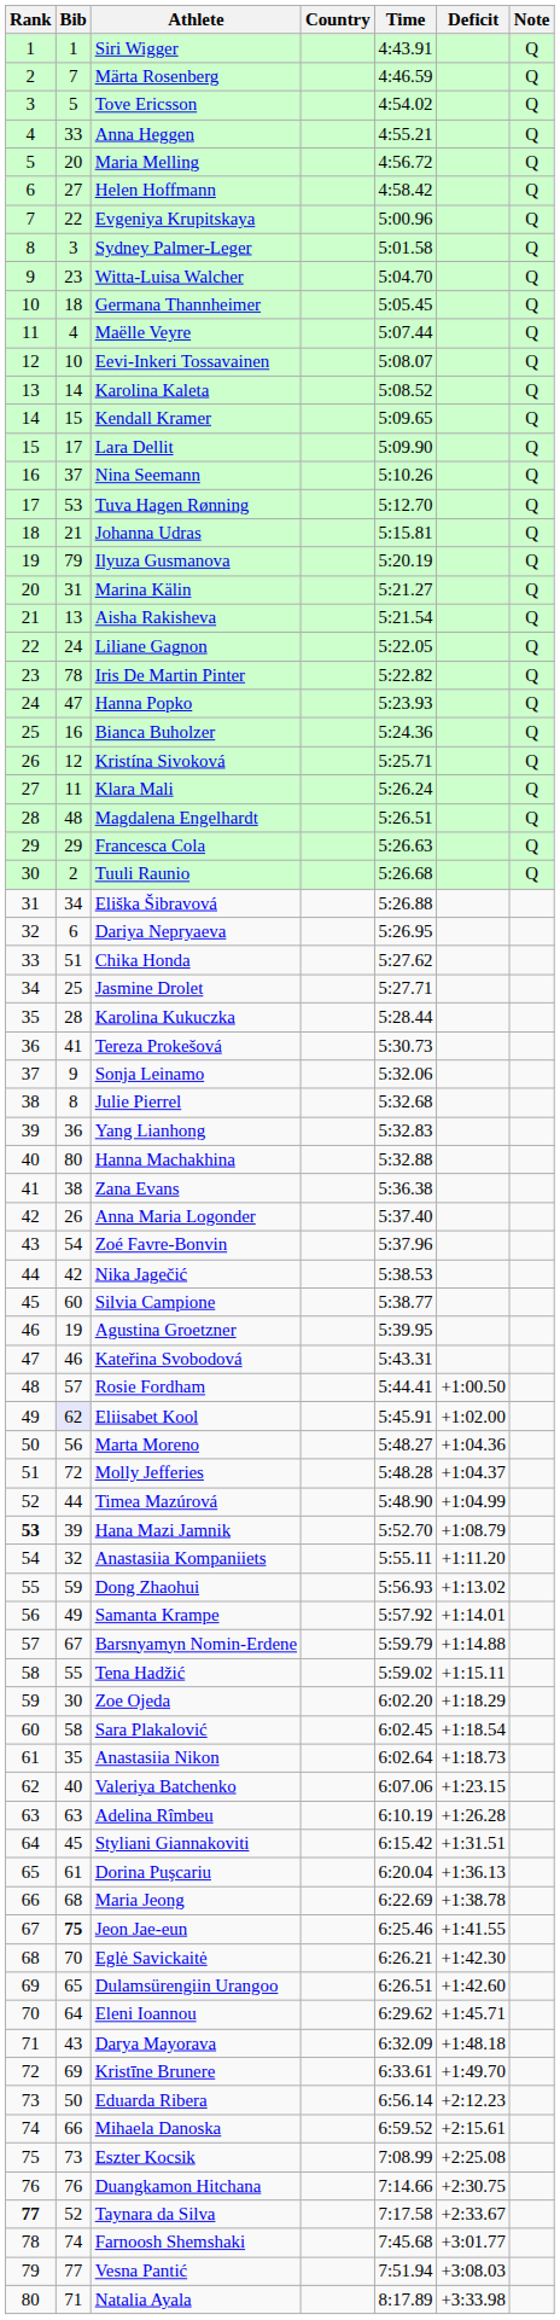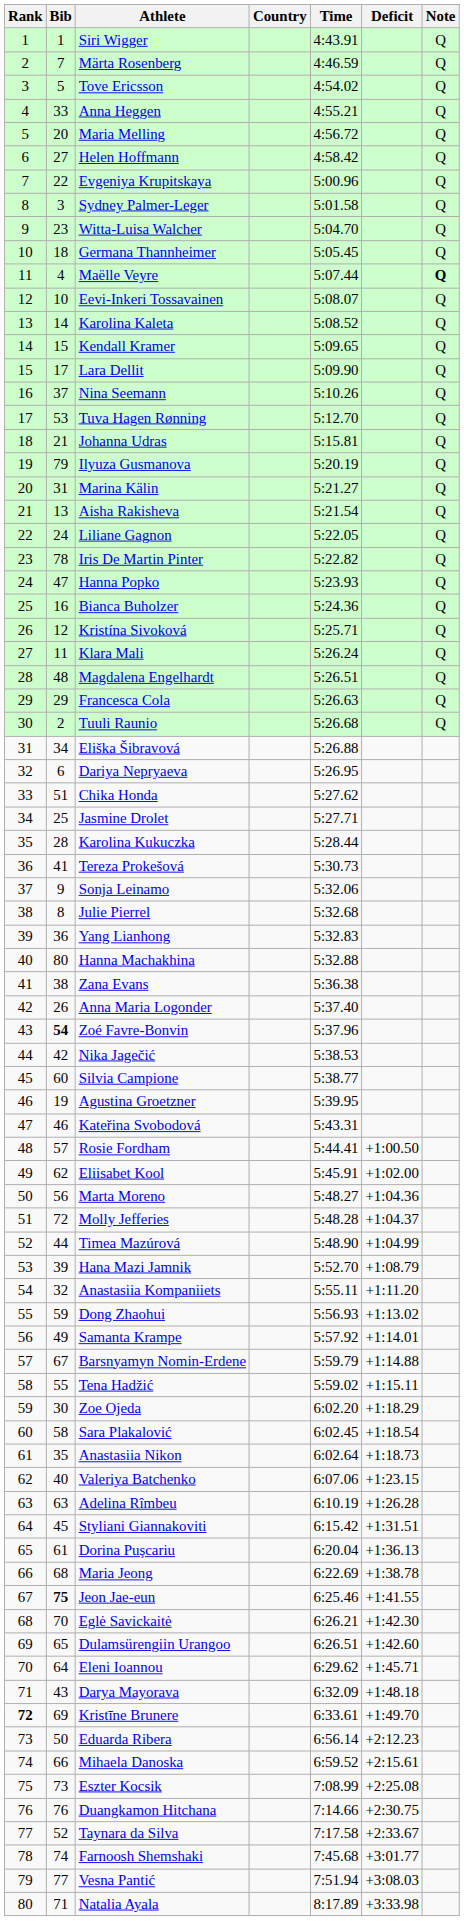 <table class="wikitable sortable" style="text-align:center">
 <tr>
 <th>Rank</th>
 <th>Bib</th>
 <th>Athlete</th>
 <th>Country</th>
 <th>Time</th>
 <th>Deficit</th>
 <th>Note</th>
 </tr>
 <tr bgcolor=ccffcc>
 <td>1</td>
 <td>1</td>
 <td align=left><a href='#'>Siri Wigger</a></td>
 <td align=left></td>
 <td>4:43.91</td>
 <td></td>
 <td>Q</td>
 </tr>
 <tr bgcolor=ccffcc>
 <td>2</td>
 <td>7</td>
 <td align=left><a href='#'>Märta Rosenberg</a></td>
 <td align=left></td>
 <td>4:46.59</td>
 <td></td>
 <td>Q</td>
 </tr>
 <tr bgcolor=ccffcc>
 <td>3</td>
 <td>5</td>
 <td align=left><a href='#'>Tove Ericsson</a></td>
 <td align=left></td>
 <td>4:54.02</td>
 <td></td>
 <td>Q</td>
 </tr>
 <tr bgcolor=ccffcc>
 <td>4</td>
 <td>33</td>
 <td align=left><a href='#'>Anna Heggen</a></td>
 <td align=left></td>
 <td>4:55.21</td>
 <td></td>
 <td>Q</td>
 </tr>
 <tr bgcolor=ccffcc>
 <td>5</td>
 <td>20</td>
 <td align=left><a href='#'>Maria Melling</a></td>
 <td align=left></td>
 <td>4:56.72</td>
 <td></td>
 <td>Q</td>
 </tr>
 <tr bgcolor=ccffcc>
 <td>6</td>
 <td>27</td>
 <td align=left><a href='#'>Helen Hoffmann</a></td>
 <td align=left></td>
 <td>4:58.42</td>
 <td></td>
 <td>Q</td>
 </tr>
 <tr bgcolor=ccffcc>
 <td>7</td>
 <td>22</td>
 <td align=left><a href='#'>Evgeniya Krupitskaya</a></td>
 <td align=left></td>
 <td>5:00.96</td>
 <td></td>
 <td>Q</td>
 </tr>
 <tr bgcolor=ccffcc>
 <td>8</td>
 <td>3</td>
 <td align=left><a href='#'>Sydney Palmer-Leger</a></td>
 <td align=left></td>
 <td>5:01.58</td>
 <td></td>
 <td>Q</td>
 </tr>
 <tr bgcolor=ccffcc>
 <td>9</td>
 <td>23</td>
 <td align=left><a href='#'>Witta-Luisa Walcher</a></td>
 <td align=left></td>
 <td>5:04.70</td>
 <td></td>
 <td>Q</td>
 </tr>
 <tr bgcolor=ccffcc>
 <td>10</td>
 <td>18</td>
 <td align=left><a href='#'>Germana Thannheimer</a></td>
 <td align=left></td>
 <td>5:05.45</td>
 <td></td>
 <td>Q</td>
 </tr>
 <tr bgcolor=ccffcc>
 <td>11</td>
 <td>4</td>
 <td align=left><a href='#'>Maëlle Veyre</a></td>
 <td align=left></td>
 <td>5:07.44</td>
 <td></td>
-<td>Q</td>
+<td><strong>Q</strong></td>
 </tr>
 <tr bgcolor=ccffcc>
 <td>12</td>
 <td>10</td>
 <td align=left><a href='#'>Eevi-Inkeri Tossavainen</a></td>
 <td align=left></td>
 <td>5:08.07</td>
 <td></td>
 <td>Q</td>
 </tr>
 <tr bgcolor=ccffcc>
 <td>13</td>
 <td>14</td>
 <td align=left><a href='#'>Karolina Kaleta</a></td>
 <td align=left></td>
 <td>5:08.52</td>
 <td></td>
 <td>Q</td>
 </tr>
 <tr bgcolor=ccffcc>
 <td>14</td>
 <td>15</td>
 <td align=left><a href='#'>Kendall Kramer</a></td>
 <td align=left></td>
 <td>5:09.65</td>
 <td></td>
 <td>Q</td>
 </tr>
 <tr bgcolor=ccffcc>
 <td>15</td>
 <td>17</td>
 <td align=left><a href='#'>Lara Dellit</a></td>
 <td align=left></td>
 <td>5:09.90</td>
 <td></td>
 <td>Q</td>
 </tr>
 <tr bgcolor=ccffcc>
 <td>16</td>
 <td>37</td>
 <td align=left><a href='#'>Nina Seemann</a></td>
 <td align=left></td>
 <td>5:10.26</td>
 <td></td>
 <td>Q</td>
 </tr>
 <tr bgcolor=ccffcc>
 <td>17</td>
 <td>53</td>
 <td align=left><a href='#'>Tuva Hagen Rønning</a></td>
 <td align=left></td>
 <td>5:12.70</td>
 <td></td>
 <td>Q</td>
 </tr>
 <tr bgcolor=ccffcc>
 <td>18</td>
 <td>21</td>
 <td align=left><a href='#'>Johanna Udras</a></td>
 <td align=left></td>
 <td>5:15.81</td>
 <td></td>
 <td>Q</td>
 </tr>
 <tr bgcolor=ccffcc>
 <td>19</td>
 <td>79</td>
 <td align=left><a href='#'>Ilyuza Gusmanova</a></td>
 <td align=left></td>
 <td>5:20.19</td>
 <td></td>
 <td>Q</td>
 </tr>
 <tr bgcolor=ccffcc>
 <td>20</td>
 <td>31</td>
 <td align=left><a href='#'>Marina Kälin</a></td>
 <td align=left></td>
 <td>5:21.27</td>
 <td></td>
 <td>Q</td>
 </tr>
 <tr bgcolor=ccffcc>
 <td>21</td>
 <td>13</td>
 <td align=left><a href='#'>Aisha Rakisheva</a></td>
 <td align=left></td>
 <td>5:21.54</td>
 <td></td>
 <td>Q</td>
 </tr>
 <tr bgcolor=ccffcc>
 <td>22</td>
 <td>24</td>
 <td align=left><a href='#'>Liliane Gagnon</a></td>
 <td align=left></td>
 <td>5:22.05</td>
 <td></td>
 <td>Q</td>
 </tr>
 <tr bgcolor=ccffcc>
 <td>23</td>
 <td>78</td>
 <td align=left><a href='#'>Iris De Martin Pinter</a></td>
 <td align=left></td>
 <td>5:22.82</td>
 <td></td>
 <td>Q</td>
 </tr>
 <tr bgcolor=ccffcc>
 <td>24</td>
 <td>47</td>
 <td align=left><a href='#'>Hanna Popko</a></td>
 <td align=left></td>
 <td>5:23.93</td>
 <td></td>
 <td>Q</td>
 </tr>
 <tr bgcolor=ccffcc>
 <td>25</td>
 <td>16</td>
 <td align=left><a href='#'>Bianca Buholzer</a></td>
 <td align=left></td>
 <td>5:24.36</td>
 <td></td>
 <td>Q</td>
 </tr>
 <tr bgcolor=ccffcc>
 <td>26</td>
 <td>12</td>
 <td align=left><a href='#'>Kristína Sivoková</a></td>
 <td align=left></td>
 <td>5:25.71</td>
 <td></td>
 <td>Q</td>
 </tr>
 <tr bgcolor=ccffcc>
 <td>27</td>
 <td>11</td>
 <td align=left><a href='#'>Klara Mali</a></td>
 <td align=left></td>
 <td>5:26.24</td>
 <td></td>
 <td>Q</td>
 </tr>
 <tr bgcolor=ccffcc>
 <td>28</td>
 <td>48</td>
 <td align=left><a href='#'>Magdalena Engelhardt</a></td>
 <td align=left></td>
 <td>5:26.51</td>
 <td></td>
 <td>Q</td>
 </tr>
 <tr bgcolor=ccffcc>
 <td>29</td>
 <td>29</td>
 <td align=left><a href='#'>Francesca Cola</a></td>
 <td align=left></td>
 <td>5:26.63</td>
 <td></td>
 <td>Q</td>
 </tr>
 <tr bgcolor=ccffcc>
 <td>30</td>
 <td>2</td>
 <td align=left><a href='#'>Tuuli Raunio</a></td>
 <td align=left></td>
 <td>5:26.68</td>
 <td></td>
 <td>Q</td>
 </tr>
 <tr>
 <td>31</td>
 <td>34</td>
 <td align=left><a href='#'>Eliška Šibravová</a></td>
 <td align=left></td>
 <td>5:26.88</td>
 <td></td>
 <td></td>
 </tr>
 <tr>
 <td>32</td>
 <td>6</td>
 <td align=left><a href='#'>Dariya Nepryaeva</a></td>
 <td align=left></td>
 <td>5:26.95</td>
 <td></td>
 <td></td>
 </tr>
 <tr>
 <td>33</td>
 <td>51</td>
 <td align=left><a href='#'>Chika Honda</a></td>
 <td align=left></td>
 <td>5:27.62</td>
 <td></td>
 <td></td>
 </tr>
 <tr>
 <td>34</td>
 <td>25</td>
 <td align=left><a href='#'>Jasmine Drolet</a></td>
 <td align=left></td>
 <td>5:27.71</td>
 <td></td>
 <td></td>
 </tr>
 <tr>
 <td>35</td>
 <td>28</td>
 <td align=left><a href='#'>Karolina Kukuczka</a></td>
 <td align=left></td>
 <td>5:28.44</td>
 <td></td>
 <td></td>
 </tr>
 <tr>
 <td>36</td>
 <td>41</td>
 <td align=left><a href='#'>Tereza Prokešová</a></td>
 <td align=left></td>
 <td>5:30.73</td>
 <td></td>
 <td></td>
 </tr>
 <tr>
 <td>37</td>
 <td>9</td>
 <td align=left><a href='#'>Sonja Leinamo</a></td>
 <td align=left></td>
 <td>5:32.06</td>
 <td></td>
 <td></td>
 </tr>
 <tr>
 <td>38</td>
 <td>8</td>
 <td align=left><a href='#'>Julie Pierrel</a></td>
 <td align=left></td>
 <td>5:32.68</td>
 <td></td>
 <td></td>
 </tr>
 <tr>
 <td>39</td>
 <td>36</td>
 <td align=left><a href='#'>Yang Lianhong</a></td>
 <td align=left></td>
 <td>5:32.83</td>
 <td></td>
 <td></td>
 </tr>
 <tr>
 <td>40</td>
 <td>80</td>
 <td align=left><a href='#'>Hanna Machakhina</a></td>
 <td align=left></td>
 <td>5:32.88</td>
 <td></td>
 <td></td>
 </tr>
 <tr>
 <td>41</td>
 <td>38</td>
 <td align=left><a href='#'>Zana Evans</a></td>
 <td align=left></td>
 <td>5:36.38</td>
 <td></td>
 <td></td>
 </tr>
 <tr>
 <td>42</td>
 <td>26</td>
 <td align=left><a href='#'>Anna Maria Logonder</a></td>
 <td align=left></td>
 <td>5:37.40</td>
 <td></td>
 <td></td>
 </tr>
 <tr>
 <td>43</td>
-<td>54</td>
+<td><strong>54</strong></td>
 <td align=left><a href='#'>Zoé Favre-Bonvin</a></td>
 <td align=left></td>
 <td>5:37.96</td>
 <td></td>
 <td></td>
 </tr>
 <tr>
 <td>44</td>
 <td>42</td>
 <td align=left><a href='#'>Nika Jagečić</a></td>
 <td align=left></td>
 <td>5:38.53</td>
 <td></td>
 <td></td>
 </tr>
 <tr>
 <td>45</td>
 <td>60</td>
 <td align=left><a href='#'>Silvia Campione</a></td>
 <td align=left></td>
 <td>5:38.77</td>
 <td></td>
 <td></td>
 </tr>
 <tr>
 <td>46</td>
 <td>19</td>
 <td align=left><a href='#'>Agustina Groetzner</a></td>
 <td align=left></td>
 <td>5:39.95</td>
 <td></td>
 <td></td>
 </tr>
 <tr>
 <td>47</td>
 <td>46</td>
 <td align=left><a href='#'>Kateřina Svobodová</a></td>
 <td align=left></td>
 <td>5:43.31</td>
 <td></td>
 <td></td>
 </tr>
 <tr>
 <td>48</td>
 <td>57</td>
 <td align=left><a href='#'>Rosie Fordham</a></td>
 <td align=left></td>
 <td>5:44.41</td>
 <td>+1:00.50</td>
 <td></td>
 </tr>
 <tr>
 <td>49</td>
-<td style="background: lavender;">62</td>
+<td>62</td>
 <td align=left><a href='#'>Eliisabet Kool</a></td>
 <td align=left></td>
 <td>5:45.91</td>
 <td>+1:02.00</td>
 <td></td>
 </tr>
 <tr>
 <td>50</td>
 <td>56</td>
 <td align=left><a href='#'>Marta Moreno</a></td>
 <td align=left></td>
 <td>5:48.27</td>
 <td>+1:04.36</td>
 <td></td>
 </tr>
 <tr>
 <td>51</td>
 <td>72</td>
 <td align=left><a href='#'>Molly Jefferies</a></td>
 <td align=left></td>
 <td>5:48.28</td>
 <td>+1:04.37</td>
 <td></td>
 </tr>
 <tr>
 <td>52</td>
 <td>44</td>
 <td align=left><a href='#'>Timea Mazúrová</a></td>
 <td align=left></td>
 <td>5:48.90</td>
 <td>+1:04.99</td>
 <td></td>
 </tr>
 <tr>
-<td><strong>53</strong></td>
+<td>53</td>
 <td>39</td>
 <td align=left><a href='#'>Hana Mazi Jamnik</a></td>
 <td align=left></td>
 <td>5:52.70</td>
 <td>+1:08.79</td>
 <td></td>
 </tr>
 <tr>
 <td>54</td>
 <td>32</td>
 <td align=left><a href='#'>Anastasiia Kompaniiets</a></td>
 <td align=left></td>
 <td>5:55.11</td>
 <td>+1:11.20</td>
 <td></td>
 </tr>
 <tr>
 <td>55</td>
 <td>59</td>
 <td align=left><a href='#'>Dong Zhaohui</a></td>
 <td align=left></td>
 <td>5:56.93</td>
 <td>+1:13.02</td>
 <td></td>
 </tr>
 <tr>
 <td>56</td>
 <td>49</td>
 <td align=left><a href='#'>Samanta Krampe</a></td>
 <td align=left></td>
 <td>5:57.92</td>
 <td>+1:14.01</td>
 <td></td>
 </tr>
 <tr>
 <td>57</td>
 <td>67</td>
 <td align=left><a href='#'>Barsnyamyn Nomin-Erdene</a></td>
 <td align=left></td>
 <td>5:59.79</td>
 <td>+1:14.88</td>
 <td></td>
 </tr>
 <tr>
 <td>58</td>
 <td>55</td>
 <td align=left><a href='#'>Tena Hadžić</a></td>
 <td align=left></td>
 <td>5:59.02</td>
 <td>+1:15.11</td>
 <td></td>
 </tr>
 <tr>
 <td>59</td>
 <td>30</td>
 <td align=left><a href='#'>Zoe Ojeda</a></td>
 <td align=left></td>
 <td>6:02.20</td>
 <td>+1:18.29</td>
 <td></td>
 </tr>
 <tr>
 <td>60</td>
 <td>58</td>
 <td align=left><a href='#'>Sara Plakalović</a></td>
 <td align=left></td>
 <td>6:02.45</td>
 <td>+1:18.54</td>
 <td></td>
 </tr>
 <tr>
 <td>61</td>
 <td>35</td>
 <td align=left><a href='#'>Anastasiia Nikon</a></td>
 <td align=left></td>
 <td>6:02.64</td>
 <td>+1:18.73</td>
 <td></td>
 </tr>
 <tr>
 <td>62</td>
 <td>40</td>
 <td align=left><a href='#'>Valeriya Batchenko</a></td>
 <td align=left></td>
 <td>6:07.06</td>
 <td>+1:23.15</td>
 <td></td>
 </tr>
 <tr>
 <td>63</td>
 <td>63</td>
 <td align=left><a href='#'>Adelina Rîmbeu</a></td>
 <td align=left></td>
 <td>6:10.19</td>
 <td>+1:26.28</td>
 <td></td>
 </tr>
 <tr>
 <td>64</td>
 <td>45</td>
 <td align=left><a href='#'>Styliani Giannakoviti</a></td>
 <td align=left></td>
 <td>6:15.42</td>
 <td>+1:31.51</td>
 <td></td>
 </tr>
 <tr>
 <td>65</td>
 <td>61</td>
 <td align=left><a href='#'>Dorina Puşcariu</a></td>
 <td align=left></td>
 <td>6:20.04</td>
 <td>+1:36.13</td>
 <td></td>
 </tr>
 <tr>
 <td>66</td>
 <td>68</td>
 <td align=left><a href='#'>Maria Jeong</a></td>
 <td align=left></td>
 <td>6:22.69</td>
 <td>+1:38.78</td>
 <td></td>
 </tr>
 <tr>
 <td>67</td>
 <td><strong>75</strong></td>
 <td align=left><a href='#'>Jeon Jae-eun</a></td>
 <td align=left></td>
 <td>6:25.46</td>
 <td>+1:41.55</td>
 <td></td>
 </tr>
 <tr>
 <td>68</td>
 <td>70</td>
 <td align=left><a href='#'>Eglė Savickaitė</a></td>
 <td align=left></td>
 <td>6:26.21</td>
 <td>+1:42.30</td>
 <td></td>
 </tr>
 <tr>
 <td>69</td>
 <td>65</td>
 <td align=left><a href='#'>Dulamsürengiin Urangoo</a></td>
 <td align=left></td>
 <td>6:26.51</td>
 <td>+1:42.60</td>
 <td></td>
 </tr>
 <tr>
 <td>70</td>
 <td>64</td>
 <td align=left><a href='#'>Eleni Ioannou</a></td>
 <td align=left></td>
 <td>6:29.62</td>
 <td>+1:45.71</td>
 <td></td>
 </tr>
 <tr>
 <td>71</td>
 <td>43</td>
 <td align=left><a href='#'>Darya Mayorava</a></td>
 <td align=left></td>
 <td>6:32.09</td>
 <td>+1:48.18</td>
 <td></td>
 </tr>
 <tr>
-<td>72</td>
+<td><strong>72</strong></td>
 <td>69</td>
 <td align=left><a href='#'>Kristīne Brunere</a></td>
 <td align=left></td>
 <td>6:33.61</td>
 <td>+1:49.70</td>
 <td></td>
 </tr>
 <tr>
 <td>73</td>
 <td>50</td>
 <td align=left><a href='#'>Eduarda Ribera</a></td>
 <td align=left></td>
 <td>6:56.14</td>
 <td>+2:12.23</td>
 <td></td>
 </tr>
 <tr>
 <td>74</td>
 <td>66</td>
 <td align=left><a href='#'>Mihaela Danoska</a></td>
 <td align=left></td>
 <td>6:59.52</td>
 <td>+2:15.61</td>
 <td></td>
 </tr>
 <tr>
 <td>75</td>
 <td>73</td>
 <td align=left><a href='#'>Eszter Kocsik</a></td>
 <td align=left></td>
 <td>7:08.99</td>
 <td>+2:25.08</td>
 <td></td>
 </tr>
 <tr>
 <td>76</td>
 <td>76</td>
 <td align=left><a href='#'>Duangkamon Hitchana</a></td>
 <td align=left></td>
 <td>7:14.66</td>
 <td>+2:30.75</td>
 <td></td>
 </tr>
 <tr>
-<td><strong>77</strong></td>
+<td>77</td>
 <td>52</td>
 <td align=left><a href='#'>Taynara da Silva</a></td>
 <td align=left></td>
 <td>7:17.58</td>
 <td>+2:33.67</td>
 <td></td>
 </tr>
 <tr>
 <td>78</td>
 <td>74</td>
 <td align=left><a href='#'>Farnoosh Shemshaki</a></td>
 <td align=left></td>
 <td>7:45.68</td>
 <td>+3:01.77</td>
 <td></td>
 </tr>
 <tr>
 <td>79</td>
 <td>77</td>
 <td align=left><a href='#'>Vesna Pantić</a></td>
 <td align=left></td>
 <td>7:51.94</td>
 <td>+3:08.03</td>
 <td></td>
 </tr>
 <tr>
 <td>80</td>
 <td>71</td>
 <td align=left><a href='#'>Natalia Ayala</a></td>
 <td align=left></td>
 <td>8:17.89</td>
 <td>+3:33.98</td>
 <td></td>
 </tr>
 </table>
